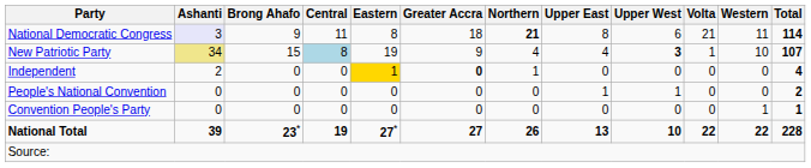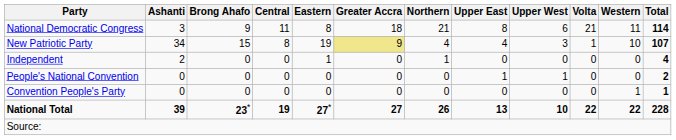 <table class=wikitable>
 <tr>
 <th>Party</th>
 <th>Ashanti</th>
 <th>Brong Ahafo</th>
 <th>Central</th>
 <th>Eastern</th>
 <th>Greater Accra</th>
 <th>Northern</th>
 <th>Upper East</th>
 <th>Upper West</th>
 <th>Volta</th>
 <th>Western</th>
 <th>Total</th>
 </tr>
 <tr>
 <td><a href='#'>National Democratic Congress</a></td>
-<td align=right style="background: lavender;">3</td>
+<td align=right>3</td>
 <td align=right>9</td>
 <td align=right>11</td>
 <td align=right>8</td>
 <td align=right>18</td>
-<td align=right><strong>21</strong></td>
+<td align=right>21</td>
 <td align=right>8</td>
 <td align=right>6</td>
 <td align=right>21</td>
 <td align=right>11</td>
 <td align=right><strong>114</strong></td>
 </tr>
 <tr>
 <td><a href='#'>New Patriotic Party</a></td>
-<td align=right style="background: khaki;">34</td>
+<td align=right>34</td>
 <td align=right>15</td>
-<td align=right style="background: lightblue;">8</td>
+<td align=right>8</td>
 <td align=right>19</td>
-<td align=right>9</td>
+<td align=right style="background: khaki;">9</td>
 <td align=right>4</td>
 <td align=right>4</td>
-<td align=right><strong>3</strong></td>
+<td align=right>3</td>
 <td align=right>1</td>
 <td align=right>10</td>
 <td align=right><strong>107</strong></td>
 </tr>
 <tr>
 <td><a href='#'>Independent</a></td>
 <td align=right>2</td>
 <td align=right>0</td>
 <td align=right>0</td>
-<td align=right style="background: gold;">1</td>
-<td align=right><strong>0</strong></td>
+<td align=right>1</td>
+<td align=right>0</td>
 <td align=right>1</td>
 <td align=right>0</td>
 <td align=right>0</td>
 <td align=right>0</td>
 <td align=right>0</td>
 <td align=right><strong>4</strong></td>
 </tr>
 <tr>
 <td><a href='#'>People's National Convention</a></td>
 <td align=right>0</td>
 <td align=right>0</td>
 <td align=right>0</td>
 <td align=right>0</td>
 <td align=right>0</td>
 <td align=right>0</td>
 <td align=right>1</td>
 <td align=right>1</td>
 <td align=right>0</td>
 <td align=right>0</td>
 <td align=right><strong>2</strong></td>
 </tr>
 <tr>
 <td><a href='#'>Convention People's Party</a></td>
 <td align=right>0</td>
 <td align=right>0</td>
 <td align=right>0</td>
 <td align=right>0</td>
 <td align=right>0</td>
 <td align=right>0</td>
 <td align=right>0</td>
 <td align=right>0</td>
 <td align=right>0</td>
 <td align=right>1</td>
 <td align=right><strong>1</strong></td>
 </tr>
 <tr>
 <td><strong>National Total</strong></td>
 <td align=right><strong>39</strong></td>
 <td align=right><strong>23</strong><sup>*</sup></td>
 <td align=right><strong>19</strong></td>
 <td align=right><strong>27</strong><sup>*</sup></td>
 <td align=right><strong>27</strong></td>
 <td align=right><strong>26</strong></td>
 <td align=right><strong>13</strong></td>
 <td align=right><strong>10</strong></td>
 <td align=right><strong>22</strong></td>
 <td align=right><strong>22</strong></td>
 <td align=right><strong>228</strong></td>
 </tr>
 <tr>
 <td colspan=12 align=left>Source: </td>
 </tr>
 </table>
